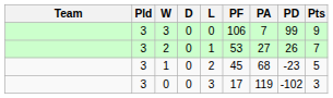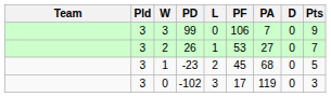 <table class="wikitable" style="text-align:center;">
 <tr>
 <th width=175>Team</th>
 <th width=25 abbr="Played">Pld</th>
 <th width=25 abbr="Won">W</th>
-<th width=25 abbr="Drawn">D</th>
+<th width=32 abbr="Points difference">PD</th>
 <th width=25 abbr="Lost">L</th>
 <th width=32 abbr="Points for">PF</th>
 <th width=32 abbr="Points against">PA</th>
-<th width=32 abbr="Points difference">PD</th>
+<th width=25 abbr="Drawn">D</th>
 <th width=25 abbr="Points">Pts</th>
 </tr>
 <tr bgcolor="#ccffcc">
 <td align=left></td>
 <td>3</td>
 <td>3</td>
-<td>0</td>
+<td>99</td>
 <td>0</td>
 <td>106</td>
 <td>7</td>
-<td>99</td>
+<td>0</td>
 <td>9</td>
 </tr>
 <tr bgcolor="#ccffcc">
 <td align=left></td>
 <td>3</td>
 <td>2</td>
-<td>0</td>
+<td>26</td>
 <td>1</td>
 <td>53</td>
 <td>27</td>
-<td>26</td>
+<td>0</td>
 <td>7</td>
 </tr>
 <tr>
 <td align=left></td>
 <td>3</td>
 <td>1</td>
-<td>0</td>
+<td>-23</td>
 <td>2</td>
 <td>45</td>
 <td>68</td>
-<td>-23</td>
+<td>0</td>
 <td>5</td>
 </tr>
 <tr>
 <td align=left></td>
 <td>3</td>
 <td>0</td>
-<td>0</td>
+<td>-102</td>
 <td>3</td>
 <td>17</td>
 <td>119</td>
-<td>-102</td>
+<td>0</td>
 <td>3</td>
 </tr>
 </table>
